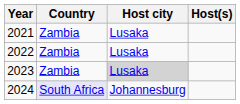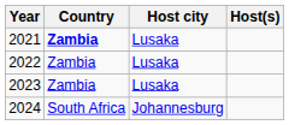 <table class="wikitable">
 <tr>
 <th>Year</th>
 <th>Country</th>
 <th>Host city</th>
 <th>Host(s)</th>
 </tr>
 <tr>
 <td Zikomo Awards 2021>2021</td>
-<td><a href='#'>Zambia</a></td>
+<td><strong><a href='#'>Zambia</a></strong></td>
 <td><a href='#'>Lusaka</a></td>
 <td></td>
 </tr>
 <tr>
 <td Zikomo Awards 2022>2022</td>
 <td><a href='#'>Zambia</a></td>
 <td><a href='#'>Lusaka</a></td>
 </tr>
 <tr>
 <td Zikomo Awards 2023>2023</td>
 <td><a href='#'>Zambia</a></td>
-<td style="background: lightgrey;"><a href='#'>Lusaka</a></td>
+<td><a href='#'>Lusaka</a></td>
 <td></td>
 </tr>
 <tr>
 <td Zikomo Awards 2024>2024</td>
-<td style="background: lavender;"><a href='#'>South Africa</a></td>
+<td><a href='#'>South Africa</a></td>
 <td><a href='#'>Johannesburg</a></td>
 </tr>
 </table>
